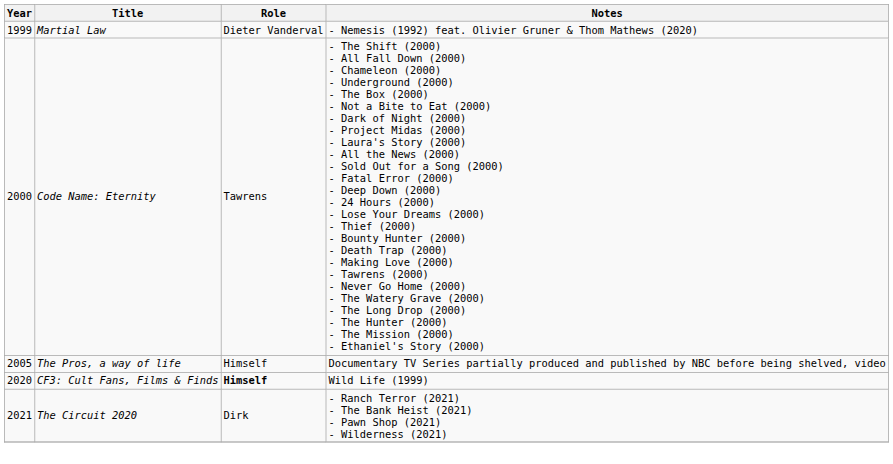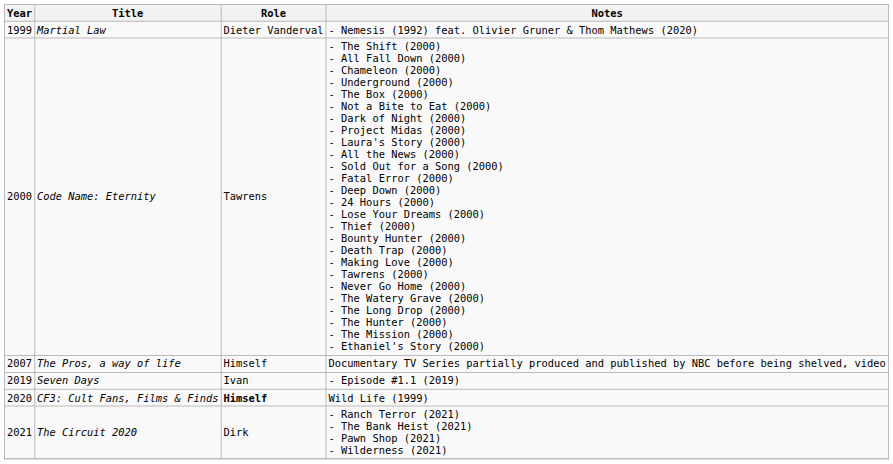 <table class="wikitable sortable" style="margin-right: 0;">
 <tr>
 <th>Year</th>
 <th>Title</th>
 <th>Role</th>
 <th class = "unsortable">Notes</th>
 </tr>
 <tr>
 <td>1999</td>
 <td><em>Martial Law</em></td>
 <td>Dieter Vanderval</td>
 <td>- Nemesis (1992) feat. Olivier Gruner & Thom Mathews (2020)</td>
 </tr>
 <tr>
 <td>2000</td>
 <td><em>Code Name: Eternity</em></td>
 <td>Tawrens</td>
 <td>- The Shift (2000)<br>- All Fall Down (2000) <br> - Chameleon (2000) <br> - Underground (2000) <br> - The Box (2000) <br> - Not a Bite to Eat (2000) <br> - Dark of Night (2000)<br> - Project Midas (2000) <br> - Laura's Story (2000) <br> - All the News (2000)<br> - Sold Out for a Song (2000)<br> - Fatal Error (2000)<br> - Deep Down (2000) <br> - 24 Hours (2000) <br> - Lose Your Dreams (2000) <br> - Thief (2000) <br> - Bounty Hunter (2000) <br> - Death Trap (2000) <br> - Making Love (2000)<br> - Tawrens (2000) <br> - Never Go Home (2000)<br> - The Watery Grave (2000) <br> - The Long Drop (2000)<br> - The Hunter (2000)<br> - The Mission (2000)<br> - Ethaniel's Story (2000)</td>
 </tr>
 <tr>
-<td>2005</td>
+<td>2007</td>
 <td><em>The Pros, a way of life</em></td>
 <td>Himself</td>
 <td>Documentary TV Series partially produced and published by NBC before being shelved, video</td>
+</tr>
+<tr>
+<td>2019</td>
+<td><em>Seven Days</em></td>
+<td>Ivan</td>
+<td>- Episode #1.1 (2019)</td>
 </tr>
 <tr>
 <td>2020</td>
 <td><em>CF3: Cult Fans, Films & Finds</em></td>
 <td><strong>Himself</strong></td>
 <td>Wild Life (1999)</td>
 </tr>
 <tr>
 <td>2021</td>
 <td><em>The Circuit 2020</em></td>
 <td>Dirk</td>
 <td>- Ranch Terror (2021)<br>- The Bank Heist (2021)<br> - Pawn Shop (2021)<br> - Wilderness (2021)</td>
 </tr>
 <tr>
 </tr>
 </table>
